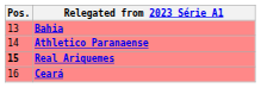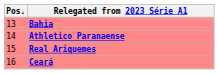 <table class="wikitable">
 <tr>
 <th style="text-align:center;">Pos.</th>
 <th width=300>Relegated from <a href='#'>2023 Série A1</a></th>
 </tr>
 <tr style="background: #FF8888;">
 <td>13</td>
 <td><strong><a href='#'>Bahia</a></strong></td>
 </tr>
 <tr style="background: #FF8888;">
 <td>14</td>
 <td><strong><a href='#'>Athletico Paranaense</a></strong></td>
 </tr>
 <tr style="background: #FF8888;">
-<td><strong>15</strong></td>
+<td>15</td>
 <td><strong><a href='#'>Real Ariquemes</a></strong></td>
 </tr>
 <tr style="background: #FF8888;">
 <td>16</td>
 <td><strong><a href='#'>Ceará</a></strong></td>
 </tr>
 </table>
